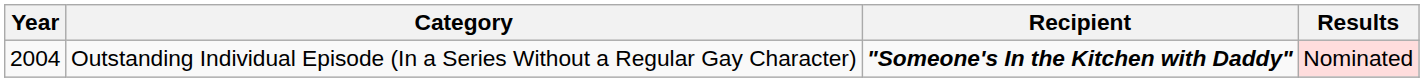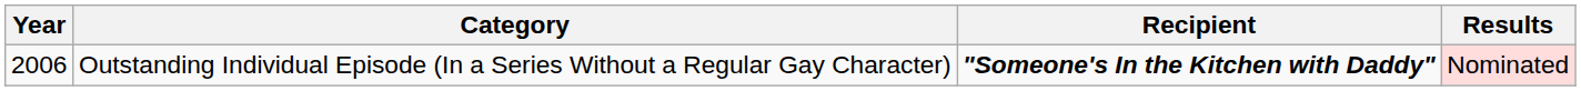 <table class="wikitable">
 <tr>
 <th>Year</th>
 <th>Category</th>
 <th>Recipient</th>
 <th>Results</th>
 </tr>
 <tr>
-<td>2004</td>
+<td>2006</td>
 <td>Outstanding Individual Episode (In a Series Without a Regular Gay Character)</td>
 <td><strong><em>"Someone's In the Kitchen with Daddy"</em></strong></td>
 <td style="background: #ffdddd" colspan="1" align="center">Nominated</td>
 </tr>
 </table>
